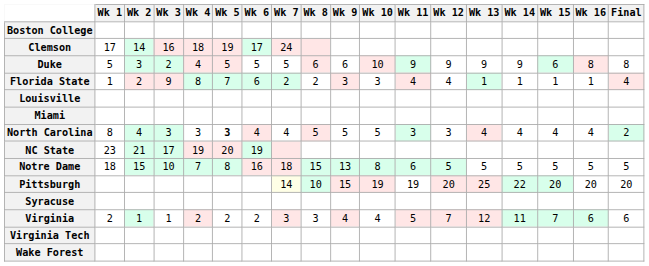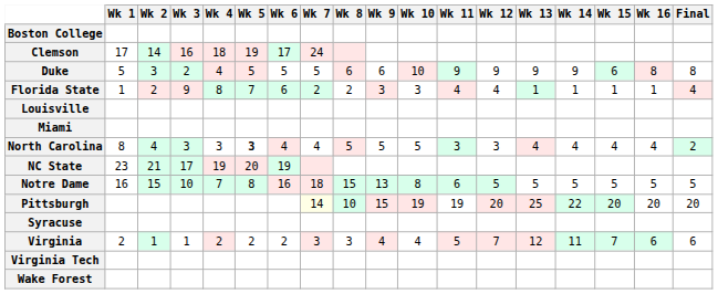 <table class="wikitable" style="white-space:nowrap;font-size:90%;">
 <tr>
 <th colspan=1 style="background:white; border-top-style:hidden; border-left-style:hidden;"> </th>
 <th>Wk 1 <br></th>
 <th>Wk 2 <br></th>
 <th>Wk 3 <br></th>
 <th>Wk 4 <br></th>
 <th>Wk 5 <br></th>
 <th>Wk 6 <br></th>
 <th>Wk 7 <br></th>
 <th>Wk 8 <br></th>
 <th>Wk 9 <br></th>
 <th>Wk 10 <br></th>
 <th>Wk 11 <br></th>
 <th>Wk 12 <br></th>
 <th>Wk 13 <br></th>
 <th>Wk 14 <br></th>
 <th>Wk 15 <br></th>
 <th>Wk 16 <br></th>
 <th>Final <br></th>
 </tr>
 <tr style="text-align:center;">
 <th>Boston College</th>
 <td style="background:#FFF;"></td>
 <td style="background:#FFF;"></td>
 <td style="background:#FFF;"></td>
 <td style="background:#FFF;"></td>
 <td style="background:#FFF;"></td>
 <td style="background:#FFF;"></td>
 <td style="background:#FFF;"></td>
 <td style="background:#FFF;"></td>
 <td style="background:#FFF;"></td>
 <td style="background:#FFF;"></td>
 <td style="background:#FFF;"></td>
 <td style="background:#FFF;"></td>
 <td style="background:#FFF;"></td>
 <td style="background:#FFF;"></td>
 <td style="background:#FFF;"></td>
 <td style="background:#FFF;"></td>
 <td style="background:#FFF;"></td>
 </tr>
 <tr style="text-align:center;">
 <th>Clemson</th>
 <td style="background:#FFF;"> 17</td>
 <td style="background:#D8FFEB;"> 14</td>
 <td style="background:#FFE6E6;"> 16</td>
 <td style="background:#FFE6E6;"> 18</td>
 <td style="background:#FFE6E6;"> 19</td>
 <td style="background:#D8FFEB;"> 17</td>
 <td style="background:#FFE6E6;"> 24</td>
 <td style="background:#FFE6E6;"></td>
 <td style="background:#FFF;"></td>
 <td style="background:#FFF;"></td>
 <td style="background:#FFF;"></td>
 <td style="background:#FFF;"></td>
 <td style="background:#FFF;"></td>
 <td style="background:#FFF;"></td>
 <td style="background:#FFF;"></td>
 <td style="background:#FFF;"></td>
 <td style="background:#FFF;"></td>
 </tr>
 <tr style="text-align:center;">
 <th>Duke</th>
 <td style="background:#FFF;"> 5</td>
 <td style="background:#D8FFEB;"> 3</td>
 <td style="background:#D8FFEB;"> 2</td>
 <td style="background:#FFE6E6;"> 4</td>
 <td style="background:#FFE6E6;"> 5</td>
 <td style="background:#FFF;"> 5</td>
 <td style="background:#FFF;"> 5</td>
 <td style="background:#FFE6E6;"> 6</td>
 <td style="background:#FFF;"> 6</td>
 <td style="background:#FFE6E6;"> 10</td>
 <td style="background:#D8FFEB;"> 9</td>
 <td style="background:#FFF;"> 9</td>
 <td style="background:#FFF;"> 9</td>
 <td style="background:#FFF;"> 9</td>
 <td style="background:#D8FFEB;"> 6</td>
 <td style="background:#FFE6E6;"> 8</td>
 <td style="background:#FFF;"> 8</td>
 </tr>
 <tr style="text-align:center;">
 <th !>Florida State</th>
 <td style="background:#FFF;"> 1</td>
 <td style="background:#FFE6E6;"> 2</td>
 <td style="background:#FFE6E6;"> 9</td>
 <td style="background:#D8FFEB;"> 8</td>
 <td style="background:#D8FFEB;"> 7</td>
 <td style="background:#D8FFEB;"> 6</td>
 <td style="background:#D8FFEB;"> 2</td>
 <td style="background:#FFF;"> 2</td>
 <td style="background:#FFE6E6;"> 3</td>
 <td style="background:#FFF;"> 3</td>
 <td style="background:#FFE6E6;"> 4</td>
 <td style="background:#FFF;"> 4</td>
 <td style="background:#D8FFEB;"> 1</td>
 <td style="background:#FFF;"> 1</td>
 <td style="background:#FFF;"> 1</td>
 <td style="background:#FFF;"> 1</td>
 <td style="background:#FFE6E6;"> 4</td>
 </tr>
 <tr style="text-align:center;">
 <th>Louisville</th>
 <td style="background:#FFF;"></td>
 <td style="background:#FFF;"></td>
 <td style="background:#FFF;"></td>
 <td style="background:#FFF;"></td>
 <td style="background:#FFF;"></td>
 <td style="background:#FFF;"></td>
 <td style="background:#FFF;"></td>
 <td style="background:#FFF;"></td>
 <td style="background:#FFF;"></td>
 <td style="background:#FFF;"></td>
 <td style="background:#FFF;"></td>
 <td style="background:#FFF;"></td>
 <td style="background:#FFF;"></td>
 <td style="background:#FFF;"></td>
 <td style="background:#FFF;"></td>
 <td style="background:#FFF;"></td>
 <td style="background:#FFF;"></td>
 </tr>
 <tr style="text-align:center;">
 <th>Miami</th>
 <td style="background:#FFF;"></td>
 <td style="background:#FFF;"></td>
 <td style="background:#FFF;"></td>
 <td style="background:#FFF;"></td>
 <td style="background:#FFF;"></td>
 <td style="background:#FFF;"></td>
 <td style="background:#FFF;"></td>
 <td style="background:#FFF;"></td>
 <td style="background:#FFF;"></td>
 <td style="background:#FFF;"></td>
 <td style="background:#FFF;"></td>
 <td style="background:#FFF;"></td>
 <td style="background:#FFF;"></td>
 <td style="background:#FFF;"></td>
 <td style="background:#FFF;"></td>
 <td style="background:#FFF;"></td>
 <td style="background:#FFF;"></td>
 </tr>
 <tr style="text-align:center;">
 <th>North Carolina</th>
 <td style="background:#FFF;"> 8</td>
 <td style="background:#D8FFEB;"> 4</td>
 <td style="background:#D8FFEB;"> 3</td>
 <td style="background:#FFF;"> 3</td>
 <td style="background:#FFF;"><strong> 3</strong></td>
 <td style="background:#FFE6E6;"> 4</td>
 <td style="background:#FFF;"> 4</td>
 <td style="background:#FFE6E6;"> 5</td>
 <td style="background:#FFF;"> 5</td>
 <td style="background:#FFF;"> 5</td>
 <td style="background:#D8FFEB;"> 3</td>
 <td style="background:#FFF;"> 3</td>
 <td style="background:#FFE6E6;"> 4</td>
 <td style="background:#FFF;"> 4</td>
 <td style="background:#FFF;"> 4</td>
 <td style="background:#FFF;"> 4</td>
 <td style="background:#D8FFEB;"> 2</td>
 </tr>
 <tr style="text-align:center;">
 <th>NC State</th>
 <td style="background:#FFF;"> 23</td>
 <td style="background:#D8FFEB;"> 21</td>
 <td style="background:#D8FFEB;"> 17</td>
 <td style="background:#FFE6E6;"> 19</td>
 <td style="background:#FFE6E6;"> 20</td>
 <td style="background:#D8FFEB;"> 19</td>
 <td style="background:#FFE6E6;"></td>
 <td style="background:#FFF;"></td>
 <td style="background:#FFF;"></td>
 <td style="background:#FFF;"></td>
 <td style="background:#FFF;"></td>
 <td style="background:#FFF;"></td>
 <td style="background:#FFF;"></td>
 <td style="background:#FFF;"></td>
 <td style="background:#FFF;"></td>
 <td style="background:#FFF;"></td>
 <td style="background:#FFF;"></td>
 </tr>
 <tr style="text-align:center;">
 <th>Notre Dame</th>
-<td style="background:#FFF;"> 18</td>
+<td style="background:#FFF;"> 16</td>
 <td style="background:#D8FFEB;"> 15</td>
 <td style="background:#D8FFEB;"> 10</td>
 <td style="background:#D8FFEB;"> 7</td>
 <td style="background:#D8FFEB;"> 8</td>
 <td style="background:#FFE6E6;"> 16</td>
 <td style="background:#FFE6E6;"> 18</td>
 <td style="background:#D8FFEB;"> 15</td>
 <td style="background:#D8FFEB;"> 13</td>
 <td style="background:#D8FFEB;"> 8</td>
 <td style="background:#D8FFEB;"> 6</td>
 <td style="background:#D8FFEB;"> 5</td>
 <td style="background:#FFF;"> 5</td>
 <td style="background:#FFF;"> 5</td>
 <td style="background:#FFF;"> 5</td>
 <td style="background:#FFF;"> 5</td>
 <td style="background:#FFF;"> 5</td>
 </tr>
 <tr style="text-align:center;">
 <th>Pittsburgh</th>
 <td style="background:#FFF;"></td>
 <td style="background:#FFF;"></td>
 <td style="background:#FFF;"></td>
 <td style="background:#FFF;"></td>
 <td style="background:#FFF;"></td>
 <td style="background:#FFF;"></td>
 <td style="background:#FFFFE6;"> 14</td>
 <td style="background:#D8FFEB;"> 10</td>
 <td style="background:#FFE6E6;"> 15</td>
 <td style="background:#FFE6E6;"> 19</td>
 <td style="background:#FFF;"> 19</td>
 <td style="background:#FFE6E6;"> 20</td>
 <td style="background:#FFE6E6;"> 25</td>
 <td style="background:#D8FFEB;"> 22</td>
 <td style="background:#D8FFEB;"> 20</td>
 <td style="background:#FFF;"> 20</td>
 <td style="background:#FFF;"> 20</td>
 </tr>
 <tr style="text-align:center;">
 <th>Syracuse</th>
 <td style="background:#FFF;"></td>
 <td style="background:#FFF;"></td>
 <td style="background:#FFF;"></td>
 <td style="background:#FFF;"></td>
 <td style="background:#FFF;"></td>
 <td style="background:#FFF;"></td>
 <td style="background:#FFF;"></td>
 <td style="background:#FFF;"></td>
 <td style="background:#FFF;"></td>
 <td style="background:#FFF;"></td>
 <td style="background:#FFF;"></td>
 <td style="background:#FFF;"></td>
 <td style="background:#FFF;"></td>
 <td style="background:#FFF;"></td>
 <td style="background:#FFF;"></td>
 <td style="background:#FFF;"></td>
 <td style="background:#FFF;"></td>
 </tr>
 <tr style="text-align:center;">
 <th>Virginia</th>
 <td style="background:#FFF;"> 2</td>
 <td style="background:#D8FFEB;"> 1</td>
 <td style="background:#FFF;"> 1</td>
 <td style="background:#FFE6E6;"> 2</td>
 <td style="background:#FFF;"> 2</td>
 <td style="background:#FFF;"> 2</td>
 <td style="background:#FFE6E6;"> 3</td>
 <td style="background:#FFF;"> 3</td>
 <td style="background:#FFE6E6;"> 4</td>
 <td style="background:#FFF;"> 4</td>
 <td style="background:#FFE6E6;"> 5</td>
 <td style="background:#FFE6E6;"> 7</td>
 <td style="background:#FFE6E6;"> 12</td>
 <td style="background:#D8FFEB;"> 11</td>
 <td style="background:#D8FFEB;"> 7</td>
 <td style="background:#D8FFEB;"> 6</td>
 <td style="background:#FFF;"> 6</td>
 </tr>
 <tr style="text-align:center;">
 <th>Virginia Tech</th>
 <td style="background:#FFF;"></td>
 <td style="background:#FFF;"></td>
 <td style="background:#FFF;"></td>
 <td style="background:#FFF;"></td>
 <td style="background:#FFF;"></td>
 <td style="background:#FFF;"></td>
 <td style="background:#FFF;"></td>
 <td style="background:#FFF;"></td>
 <td style="background:#FFF;"></td>
 <td style="background:#FFF;"></td>
 <td style="background:#FFF;"></td>
 <td style="background:#FFF;"></td>
 <td style="background:#FFF;"></td>
 <td style="background:#FFF;"></td>
 <td style="background:#FFF;"></td>
 <td style="background:#FFF;"></td>
 <td style="background:#FFF;"></td>
 </tr>
 <tr style="text-align:center;">
 <th>Wake Forest</th>
 <td style="background:#FFF;"></td>
 <td style="background:#FFF;"></td>
 <td style="background:#FFF;"></td>
 <td style="background:#FFF;"></td>
 <td style="background:#FFF;"></td>
 <td style="background:#FFF;"></td>
 <td style="background:#FFF;"></td>
 <td style="background:#FFF;"></td>
 <td style="background:#FFF;"></td>
 <td style="background:#FFF;"></td>
 <td style="background:#FFF;"></td>
 <td style="background:#FFF;"></td>
 <td style="background:#FFF;"></td>
 <td style="background:#FFF;"></td>
 <td style="background:#FFF;"></td>
 <td style="background:#FFF;"></td>
 <td style="background:#FFF;"></td>
 </tr>
 </table>
